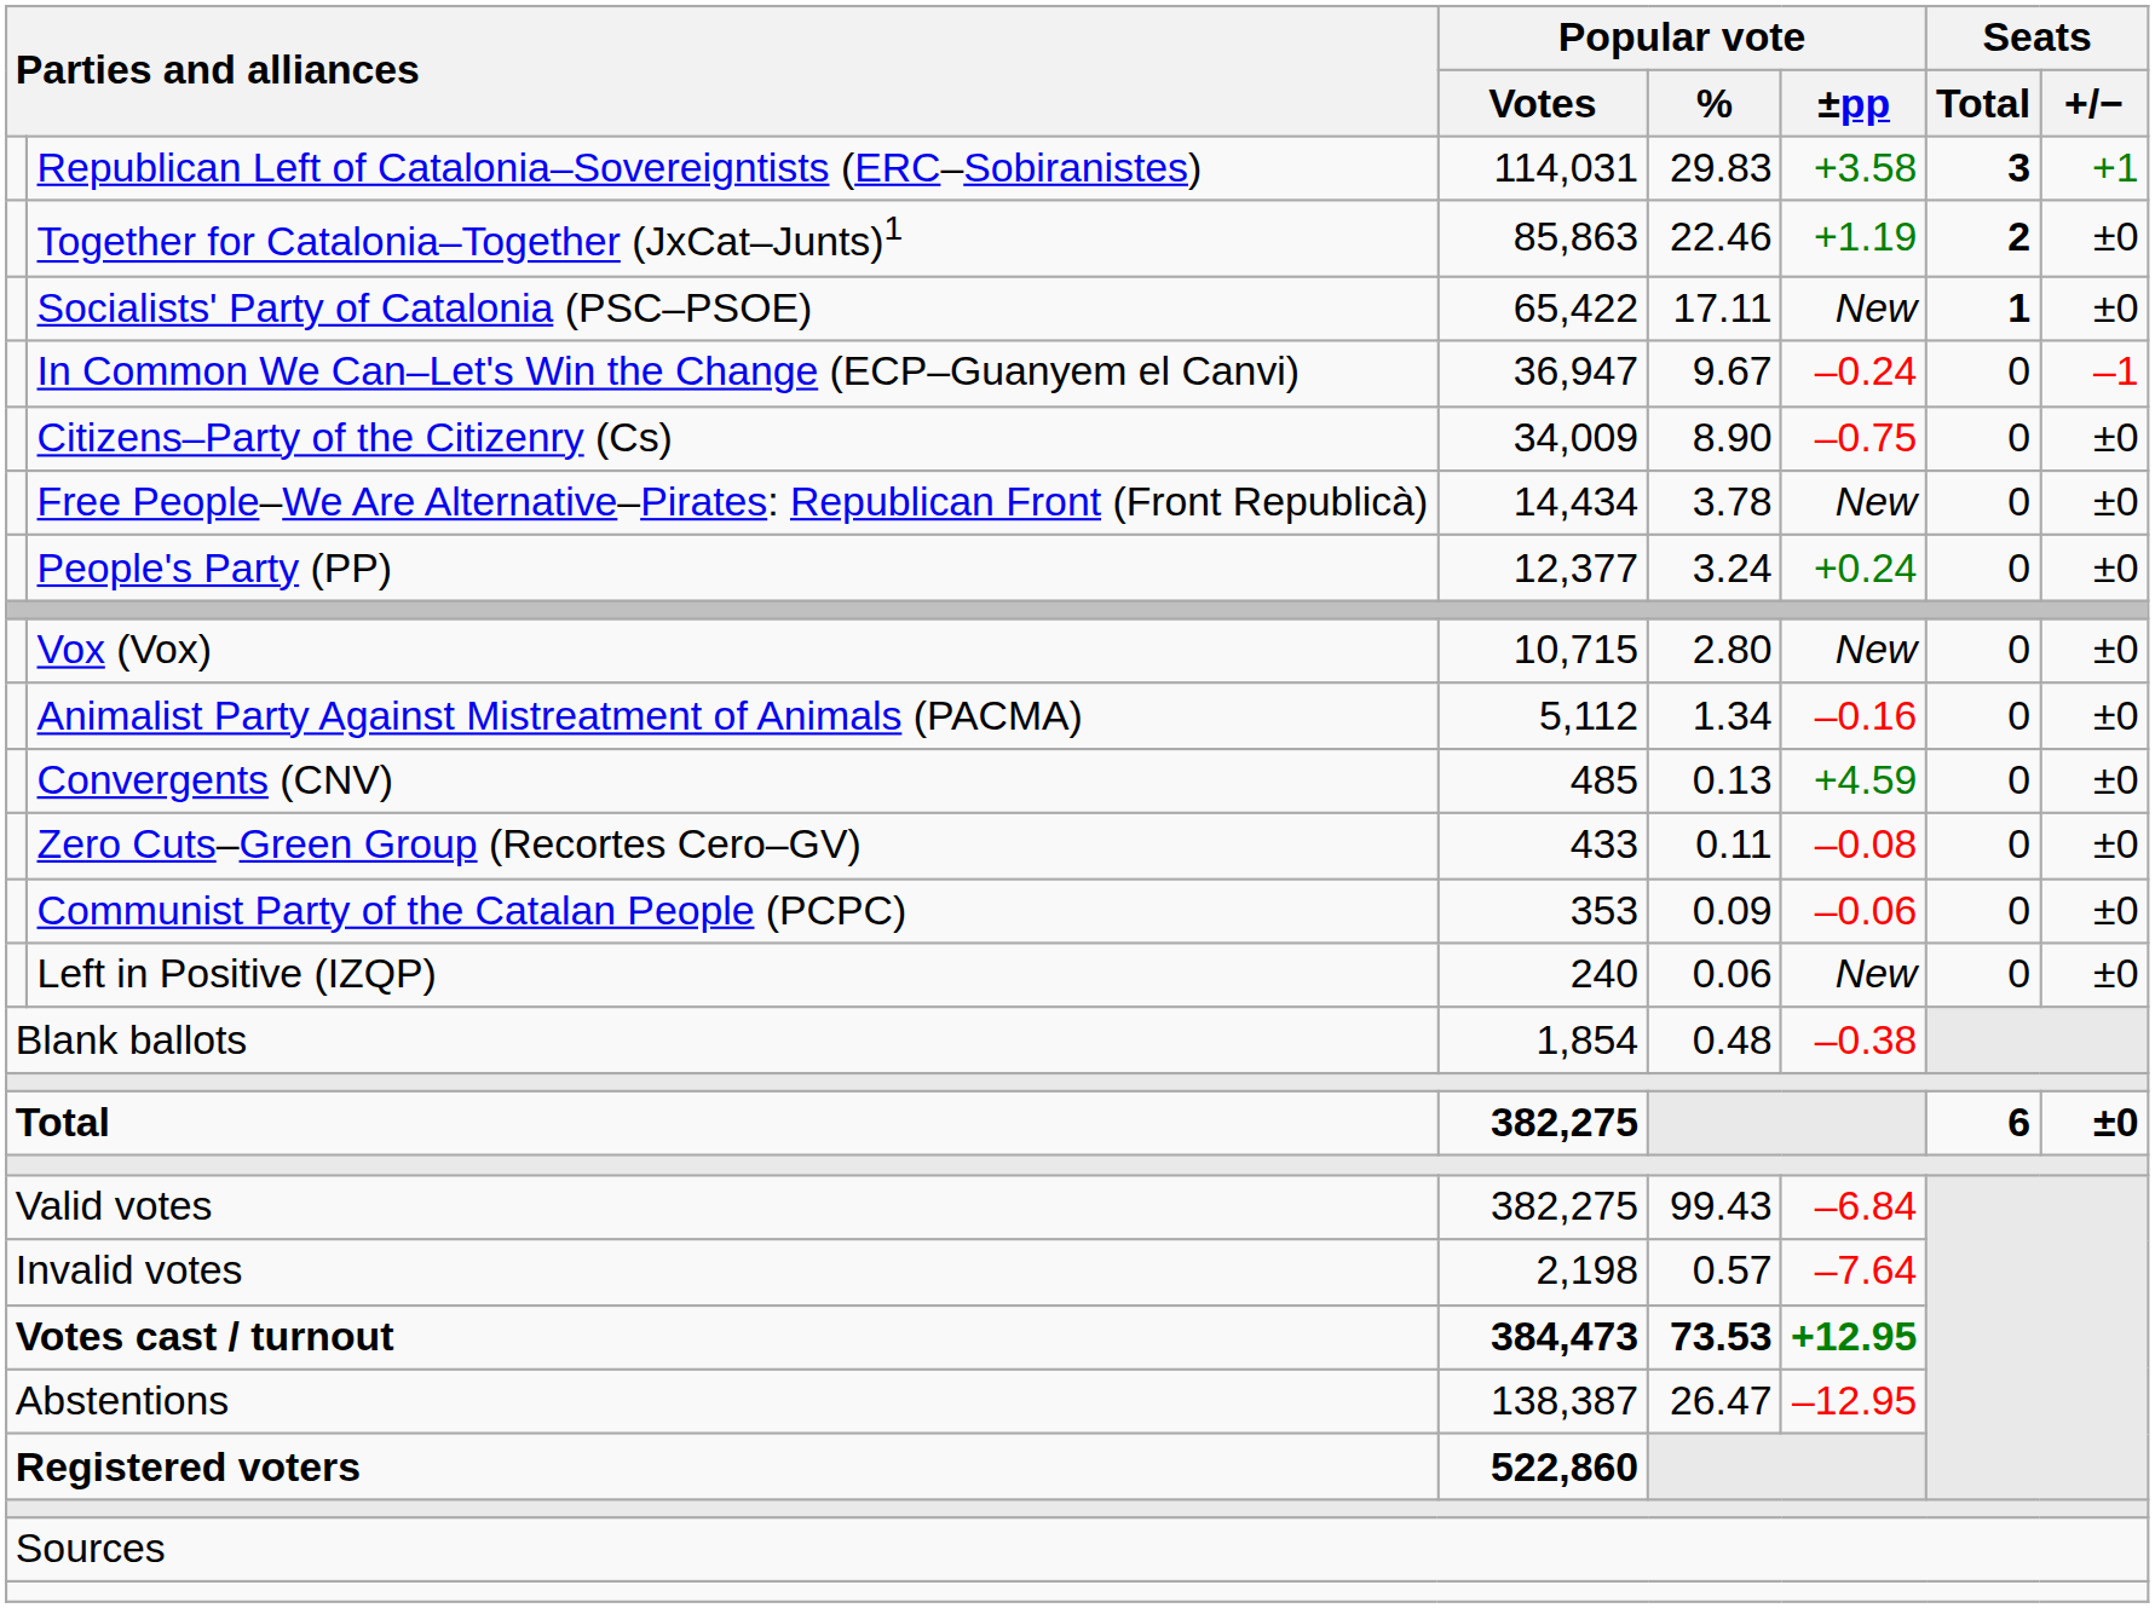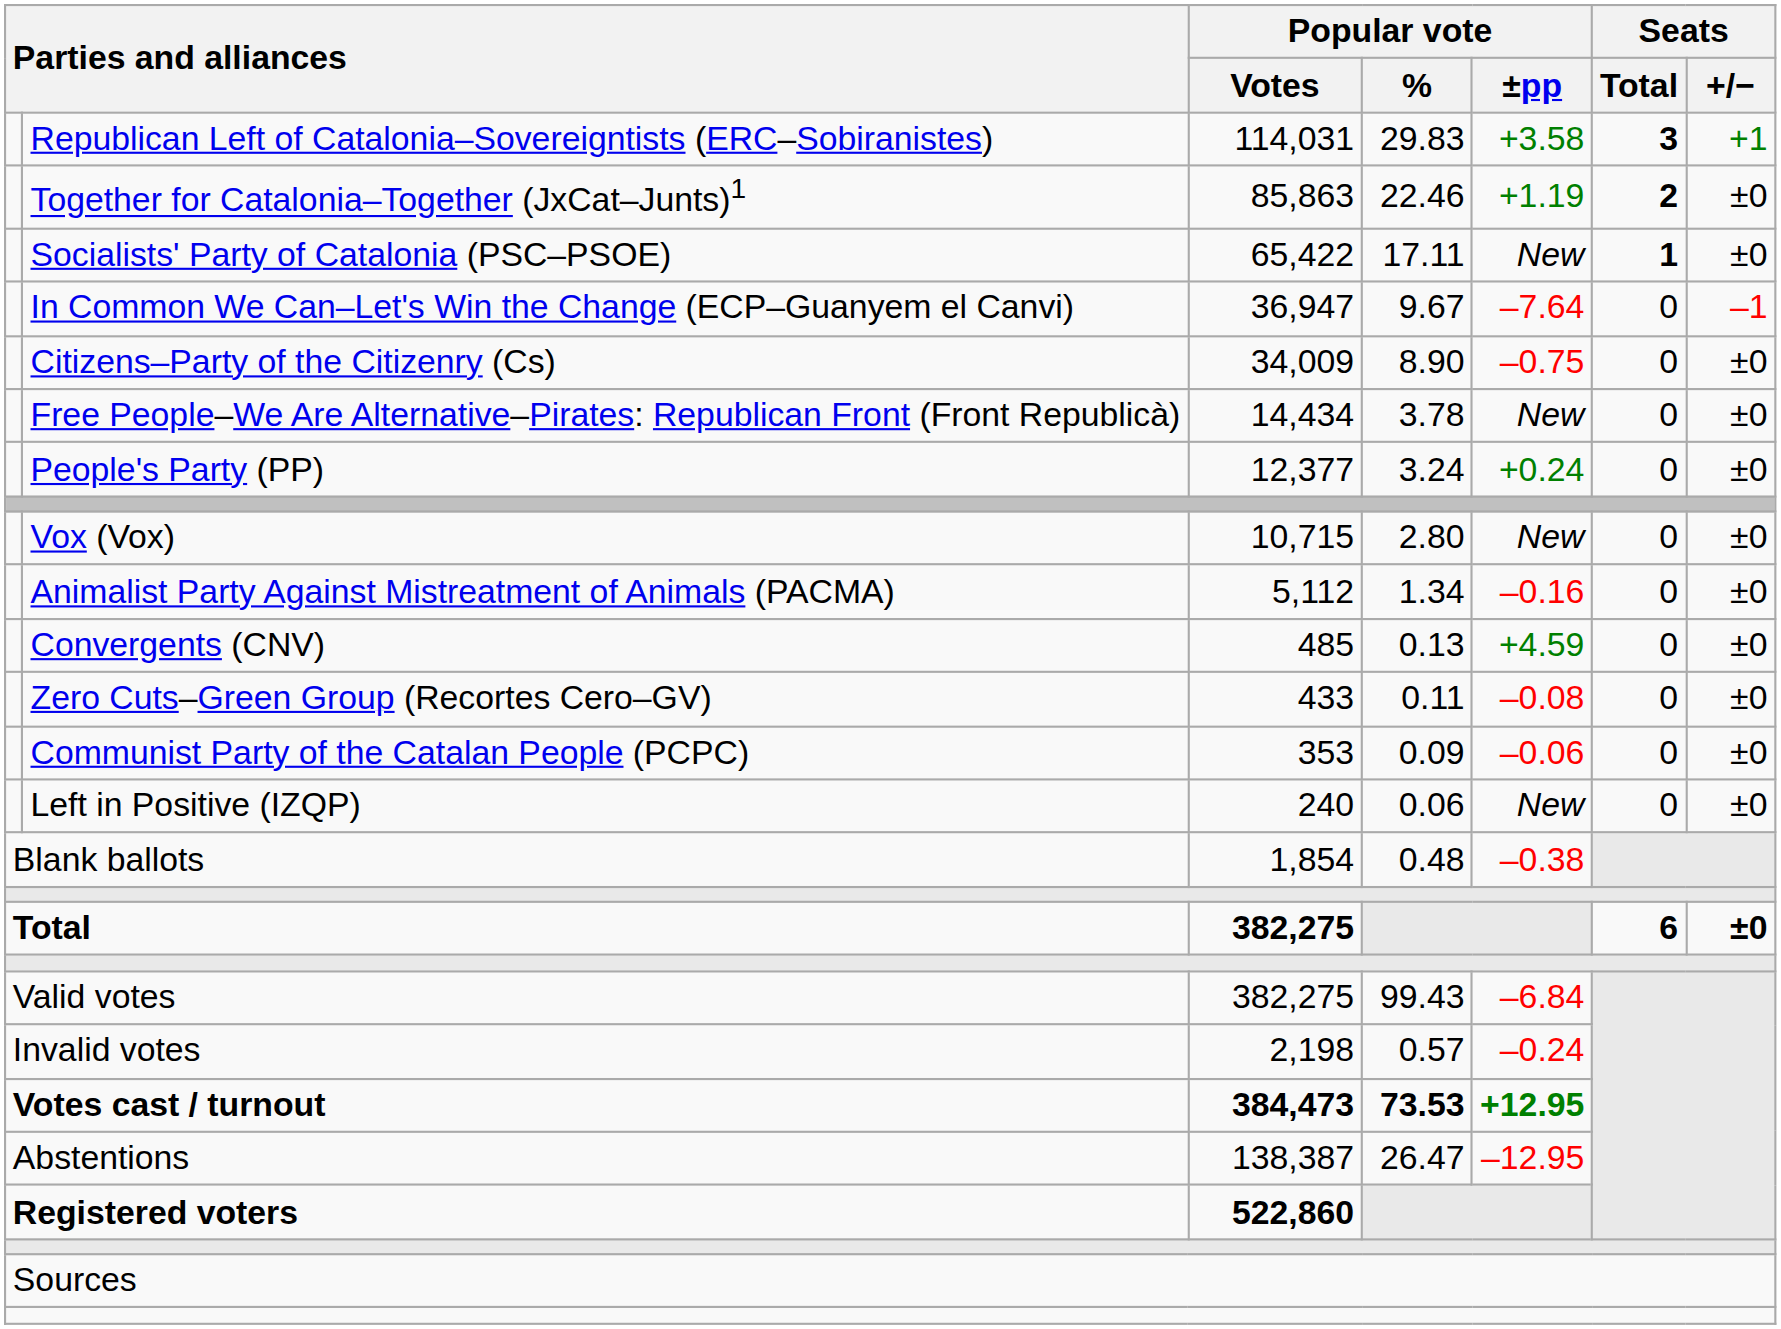 <table class="wikitable" style="text-align:right;">
 <tr>
 <th style="text-align:left;" rowspan="2" colspan="2" width="525">Parties and alliances</th>
 <th colspan="3">Popular vote</th>
 <th colspan="2">Seats</th>
 </tr>
 <tr>
 <th width="75">Votes</th>
 <th width="45">%</th>
 <th width="45">±<a href='#'>pp</a></th>
 <th width="35">Total</th>
 <th width="35">+/−</th>
 </tr>
 <tr>
 <td width="1" style="color:inherit;background:"></td>
 <td align="left"><a href='#'>Republican Left of Catalonia–Sovereigntists</a> (<a href='#'>ERC</a>–<a href='#'>Sobiranistes</a>)</td>
 <td>114,031</td>
 <td>29.83</td>
 <td style="color:green;">+3.58</td>
 <td><strong>3</strong></td>
 <td style="color:green;">+1</td>
 </tr>
 <tr>
 <td style="color:inherit;background:"></td>
 <td align="left"><a href='#'>Together for Catalonia–Together</a> (JxCat–Junts)<sup>1</sup></td>
 <td>85,863</td>
 <td>22.46</td>
 <td style="color:green;">+1.19</td>
 <td><strong>2</strong></td>
 <td>±0</td>
 </tr>
 <tr>
 <td style="color:inherit;background:"></td>
 <td align="left"><a href='#'>Socialists' Party of Catalonia</a> (PSC–PSOE)</td>
 <td>65,422</td>
 <td>17.11</td>
 <td><em>New</em></td>
 <td><strong>1</strong></td>
 <td>±0</td>
 </tr>
 <tr>
 <td style="color:inherit;background:"></td>
 <td align="left"><a href='#'>In Common We Can–Let's Win the Change</a> (ECP–Guanyem el Canvi)</td>
 <td>36,947</td>
 <td>9.67</td>
-<td style="color:red;">–0.24</td>
+<td style="color:red;">–7.64</td>
 <td>0</td>
 <td style="color:red;">–1</td>
 </tr>
 <tr>
 <td style="color:inherit;background:"></td>
 <td align="left"><a href='#'>Citizens–Party of the Citizenry</a> (Cs)</td>
 <td>34,009</td>
 <td>8.90</td>
 <td style="color:red;">–0.75</td>
 <td>0</td>
 <td>±0</td>
 </tr>
 <tr>
 <td style="color:inherit;background:"></td>
 <td align="left"><a href='#'>Free People</a>–<a href='#'>We Are Alternative</a>–<a href='#'>Pirates</a>: <a href='#'>Republican Front</a> (Front Republicà)</td>
 <td>14,434</td>
 <td>3.78</td>
 <td><em>New</em></td>
 <td>0</td>
 <td>±0</td>
 </tr>
 <tr>
 <td style="color:inherit;background:"></td>
 <td align="left"><a href='#'>People's Party</a> (PP)</td>
 <td>12,377</td>
 <td>3.24</td>
 <td style="color:green;">+0.24</td>
 <td>0</td>
 <td>±0</td>
 </tr>
 <tr>
 <td colspan="7" bgcolor="#C0C0C0"></td>
 </tr>
 <tr>
 <td style="color:inherit;background:"></td>
 <td align="left"><a href='#'>Vox</a> (Vox)</td>
 <td>10,715</td>
 <td>2.80</td>
 <td><em>New</em></td>
 <td>0</td>
 <td>±0</td>
 </tr>
 <tr>
 <td style="color:inherit;background:"></td>
 <td align="left"><a href='#'>Animalist Party Against Mistreatment of Animals</a> (PACMA)</td>
 <td>5,112</td>
 <td>1.34</td>
 <td style="color:red;">–0.16</td>
 <td>0</td>
 <td>±0</td>
 </tr>
 <tr>
 <td style="color:inherit;background:"></td>
 <td align="left"><a href='#'>Convergents</a> (CNV)</td>
 <td>485</td>
 <td>0.13</td>
 <td style="color:green;">+4.59</td>
 <td>0</td>
 <td>±0</td>
 </tr>
 <tr>
 <td style="color:inherit;background:"></td>
 <td align="left"><a href='#'>Zero Cuts</a>–<a href='#'>Green Group</a> (Recortes Cero–GV)</td>
 <td>433</td>
 <td>0.11</td>
 <td style="color:red;">–0.08</td>
 <td>0</td>
 <td>±0</td>
 </tr>
 <tr>
 <td style="color:inherit;background:"></td>
 <td align="left"><a href='#'>Communist Party of the Catalan People</a> (PCPC)</td>
 <td>353</td>
 <td>0.09</td>
 <td style="color:red;">–0.06</td>
 <td>0</td>
 <td>±0</td>
 </tr>
 <tr>
 <td style="color:inherit;background:"></td>
 <td align="left">Left in Positive (IZQP)</td>
 <td>240</td>
 <td>0.06</td>
 <td><em>New</em></td>
 <td>0</td>
 <td>±0</td>
 </tr>
 <tr>
 <td align="left" colspan="2">Blank ballots</td>
 <td>1,854</td>
 <td>0.48</td>
 <td style="color:red;">–0.38</td>
 <td bgcolor="#E9E9E9" colspan="2"></td>
 </tr>
 <tr>
 <td colspan="7" bgcolor="#E9E9E9"></td>
 </tr>
 <tr style="font-weight:bold;">
 <td align="left" colspan="2">Total</td>
 <td>382,275</td>
 <td bgcolor="#E9E9E9" colspan="2"></td>
 <td>6</td>
 <td>±0</td>
 </tr>
 <tr>
 <td colspan="7" bgcolor="#E9E9E9"></td>
 </tr>
 <tr>
 <td align="left" colspan="2">Valid votes</td>
 <td>382,275</td>
 <td>99.43</td>
 <td style="color:red;">–6.84</td>
 <td bgcolor="#E9E9E9" colspan="2" rowspan="5"></td>
 </tr>
 <tr>
 <td align="left" colspan="2">Invalid votes</td>
 <td>2,198</td>
 <td>0.57</td>
-<td style="color:red;">–7.64</td>
+<td style="color:red;">–0.24</td>
 </tr>
 <tr style="font-weight:bold;">
 <td align="left" colspan="2">Votes cast / turnout</td>
 <td>384,473</td>
 <td>73.53</td>
 <td style="color:green;">+12.95</td>
 </tr>
 <tr>
 <td align="left" colspan="2">Abstentions</td>
 <td>138,387</td>
 <td>26.47</td>
 <td style="color:red;">–12.95</td>
 </tr>
 <tr style="font-weight:bold;">
 <td align="left" colspan="2">Registered voters</td>
 <td>522,860</td>
 <td bgcolor="#E9E9E9" colspan="2"></td>
 </tr>
 <tr>
 <td colspan="7" bgcolor="#E9E9E9"></td>
 </tr>
 <tr>
 <td align="left" colspan="7">Sources</td>
 </tr>
 <tr>
 <td colspan="7" style="text-align:left; max-width:790px;"></td>
 </tr>
 </table>
